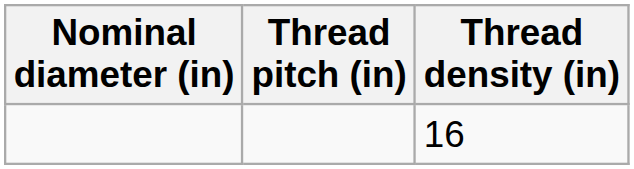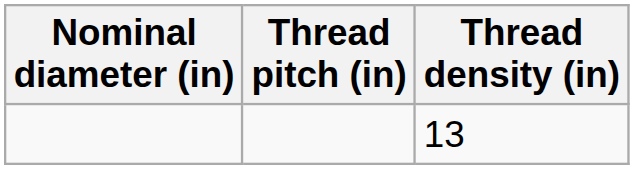 <table class="wikitable">
 <tr>
 <th>Nominal <br>diameter (in)</th>
 <th>Thread <br>pitch (in)</th>
 <th>Thread <br>density (in)</th>
 </tr>
 <tr>
 <td></td>
 <td></td>
-<td>16</td>
+<td>13</td>
 </tr>
 </table>
